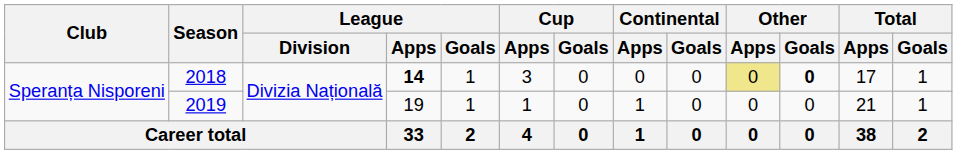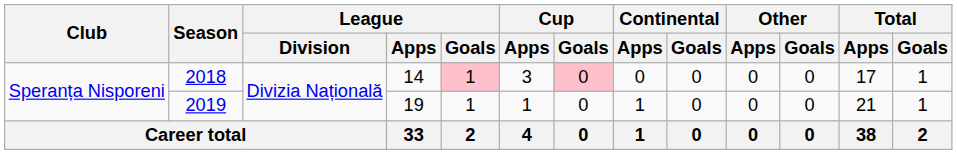 <table class="wikitable" style="text-align: center">
 <tr>
 <th rowspan="2">Club</th>
 <th rowspan="2">Season</th>
 <th colspan="3">League</th>
 <th colspan="2">Cup</th>
 <th colspan="2">Continental</th>
 <th colspan="2">Other</th>
 <th colspan="2">Total</th>
 </tr>
 <tr>
 <th>Division</th>
 <th>Apps</th>
 <th>Goals</th>
 <th>Apps</th>
 <th>Goals</th>
 <th>Apps</th>
 <th>Goals</th>
 <th>Apps</th>
 <th>Goals</th>
 <th>Apps</th>
 <th>Goals</th>
 </tr>
 <tr>
 <td rowspan="2"><a href='#'>Speranța Nisporeni</a></td>
 <td><a href='#'>2018</a></td>
 <td rowspan="2"><a href='#'>Divizia Națională</a></td>
-<td><strong>14</strong></td>
-<td>1</td>
+<td>14</td>
+<td style="background: pink;">1</td>
 <td>3</td>
+<td style="background: pink;">0</td>
 <td>0</td>
 <td>0</td>
 <td>0</td>
-<td style="background: khaki;">0</td>
-<td><strong>0</strong></td>
+<td>0</td>
 <td>17</td>
 <td>1</td>
 </tr>
 <tr>
 <td><a href='#'>2019</a></td>
 <td>19</td>
 <td>1</td>
 <td>1</td>
 <td>0</td>
 <td>1</td>
 <td>0</td>
 <td>0</td>
 <td>0</td>
 <td>21</td>
 <td>1</td>
 </tr>
 <tr>
 <th colspan=3>Career total</th>
 <th>33</th>
 <th>2</th>
 <th>4</th>
 <th>0</th>
 <th>1</th>
 <th>0</th>
 <th>0</th>
 <th>0</th>
 <th>38</th>
 <th>2</th>
 </tr>
 </table>
